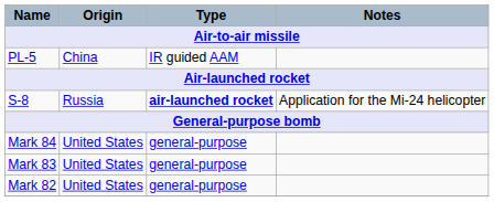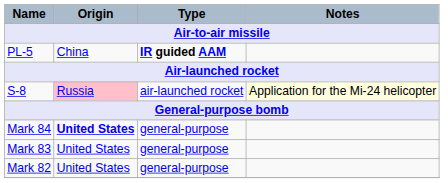 <table class="wikitable">
 <tr>
 <th style="text-align:center; background:#aabccc;">Name</th>
 <th style="text-align: center; background:#aabccc;">Origin</th>
 <th style="text-align:l center; background:#aabccc;">Type</th>
 <th style="text-align: center; background:#aabccc;">Notes</th>
 </tr>
 <tr>
 <th colspan="7" style="align: center; background: lavender;"><a href='#'>Air-to-air missile</a></th>
 </tr>
 <tr>
 <td><a href='#'>PL-5</a></td>
 <td><a href='#'>China</a></td>
-<td><a href='#'>IR</a> guided <a href='#'>AAM</a></td>
+<td><strong><a href='#'>IR</a> guided <a href='#'>AAM</a></strong></td>
 <td></td>
 </tr>
 <tr>
 <th style="align: center; background: lavender;" colspan="4"><a href='#'>Air-launched rocket</a></th>
 </tr>
 <tr>
 <td><a href='#'>S-8</a></td>
-<td><a href='#'>Russia</a></td>
-<td><strong><a href='#'>air-launched rocket</a></strong></td>
-<td>Application for the Mi-24 helicopter</td>
+<td style="background: pink;"><a href='#'>Russia</a></td>
+<td><a href='#'>air-launched rocket</a></td>
+<td style="background: lightyellow;">Application for the Mi-24 helicopter</td>
 </tr>
 <tr>
 <th colspan="7" style="align: center; background: lavender;"><a href='#'>General-purpose bomb</a></th>
 </tr>
 <tr>
 <td><a href='#'>Mark 84</a></td>
-<td><a href='#'>United States</a></td>
+<td><strong><a href='#'>United States</a></strong></td>
 <td><a href='#'>general-purpose</a></td>
 <td></td>
 </tr>
 <tr>
 <td><a href='#'>Mark 83</a></td>
 <td><a href='#'>United States</a></td>
 <td><a href='#'>general-purpose</a></td>
 <td></td>
 </tr>
 <tr>
 <td><a href='#'>Mark 82</a></td>
 <td><a href='#'>United States</a></td>
 <td><a href='#'>general-purpose</a></td>
 <td></td>
 </tr>
 <tr>
 </tr>
 </table>
